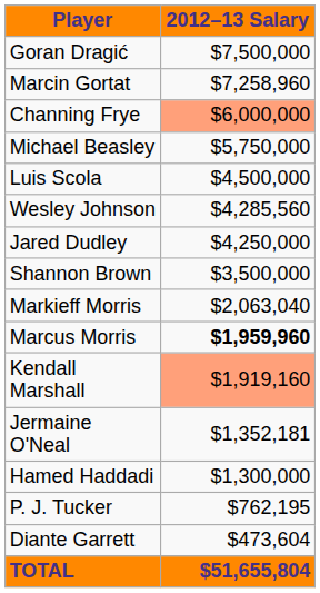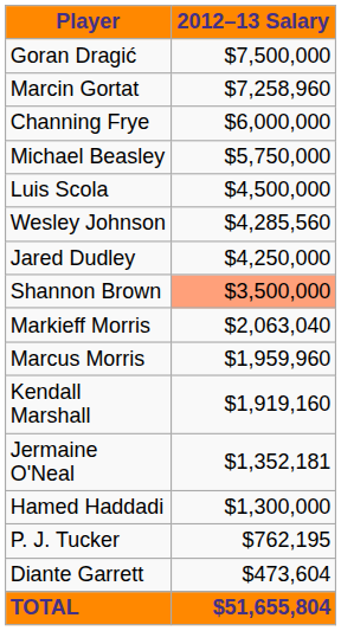 <table width=250 px; class="wikitable sortable sortable">
 <tr>
 <th style="background:#FF8800; color:#423189" width="50%">Player</th>
 <th style="background:#FF8800; color:#423189" width="50%">2012–13 Salary</th>
 </tr>
 <tr>
 <td>Goran Dragić</td>
 <td align="right">$7,500,000</td>
 </tr>
 <tr>
 <td>Marcin Gortat</td>
 <td align="right">$7,258,960</td>
 </tr>
 <tr>
 <td>Channing Frye</td>
-<td align="right" style="background: lightsalmon;">$6,000,000</td>
+<td align="right">$6,000,000</td>
 </tr>
 <tr>
 <td>Michael Beasley</td>
 <td align="right">$5,750,000</td>
 </tr>
 <tr>
 <td>Luis Scola</td>
 <td align="right">$4,500,000</td>
 </tr>
 <tr>
 <td>Wesley Johnson</td>
 <td align="right">$4,285,560</td>
 </tr>
 <tr>
 <td>Jared Dudley</td>
 <td align="right">$4,250,000</td>
 </tr>
 <tr>
 <td>Shannon Brown</td>
-<td align="right">$3,500,000</td>
+<td align="right" style="background: lightsalmon;">$3,500,000</td>
 </tr>
 <tr>
 <td>Markieff Morris</td>
 <td align="right">$2,063,040</td>
 </tr>
 <tr>
 <td>Marcus Morris</td>
-<td align="right"><strong>$1,959,960</strong></td>
+<td align="right">$1,959,960</td>
 </tr>
 <tr>
 <td>Kendall Marshall</td>
-<td align="right" style="background: lightsalmon;">$1,919,160</td>
+<td align="right">$1,919,160</td>
 </tr>
 <tr>
 <td>Jermaine O'Neal</td>
 <td align="right">$1,352,181</td>
 </tr>
 <tr>
 <td>Hamed Haddadi</td>
 <td align="right">$1,300,000</td>
 </tr>
 <tr>
 <td>P. J. Tucker</td>
 <td align="right">$762,195</td>
 </tr>
 <tr>
 <td>Diante Garrett</td>
 <td align="right">$473,604</td>
 </tr>
 <tr>
 </tr>
 <tr class="sortbottom">
 <td style="background:#FF8800; color:#423189" width="50%"><strong>TOTAL</strong></td>
 <td style="background:#FF8800; color:#423189" width="50%" align="right"><strong>$51,655,804</strong></td>
 </tr>
 </table>
